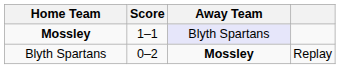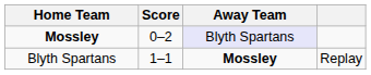 <table class="wikitable" style="text-align:center">
 <tr>
 <th width=150>Home Team</th>
 <th width=20>Score</th>
 <th width=150>Away Team</th>
 <th></th>
 </tr>
 <tr>
 <td><strong>Mossley</strong></td>
-<td>1–1</td>
+<td>0–2</td>
 <td style="background: lavender;">Blyth Spartans</td>
 <td></td>
 </tr>
 <tr>
 <td>Blyth Spartans</td>
-<td>0–2</td>
+<td>1–1</td>
 <td><strong>Mossley</strong></td>
 <td>Replay</td>
 </tr>
 </table>
